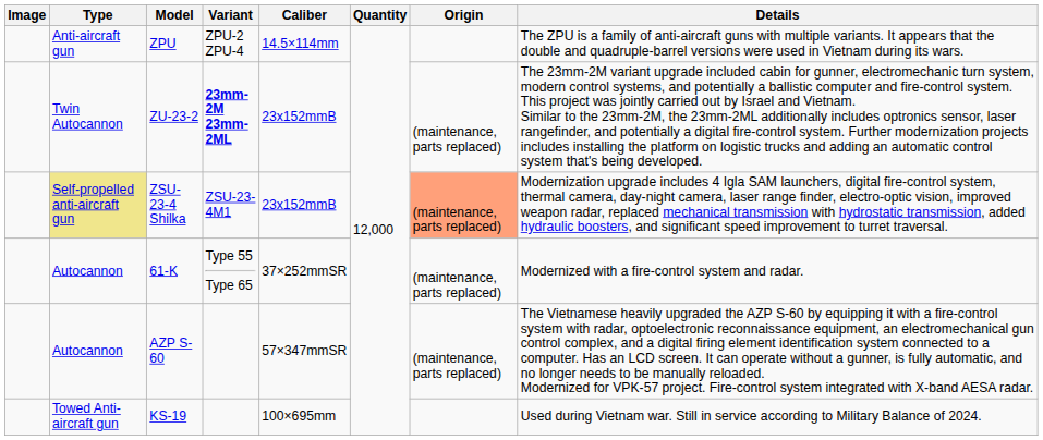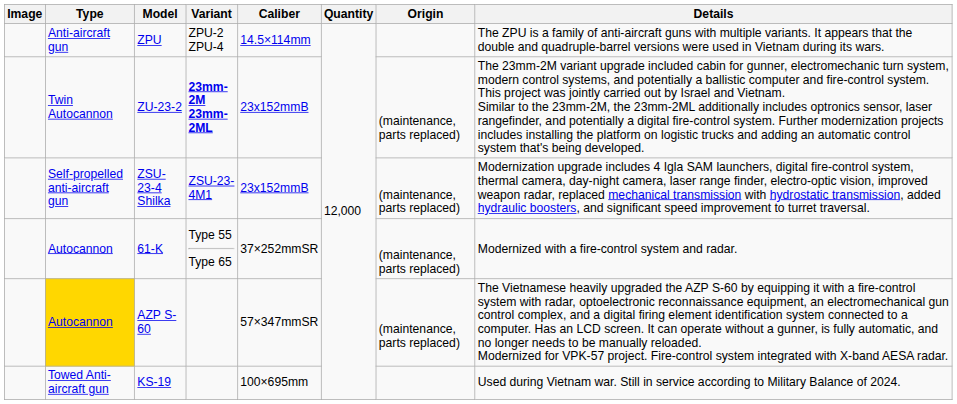 <table class="wikitable">
 <tr>
 <th>Image</th>
 <th>Type</th>
 <th>Model</th>
 <th>Variant</th>
 <th>Caliber</th>
 <th>Quantity</th>
 <th>Origin</th>
 <th>Details</th>
 </tr>
 <tr>
 <td></td>
 <td><a href='#'>Anti-aircraft gun</a></td>
 <td><a href='#'>ZPU</a></td>
 <td>ZPU-2<br>ZPU-4</td>
 <td><a href='#'>14.5×114mm</a></td>
 <td rowspan="6">12,000</td>
 <td></td>
 <td>The ZPU is a family of anti-aircraft guns with multiple variants. It appears that the double and quadruple-barrel versions were used in Vietnam during its wars.</td>
 </tr>
 <tr>
 <td></td>
 <td><a href='#'>Twin Autocannon</a></td>
 <td><a href='#'>ZU-23-2</a></td>
 <td><strong><a href='#'>23mm-2M</a><br><a href='#'>23mm-2ML</a></strong></td>
 <td><a href='#'>23x152mmB</a></td>
 <td><br><br><br>(maintenance, parts replaced)</td>
 <td>The 23mm-2M variant upgrade included cabin for gunner, electromechanic turn system, modern control systems, and potentially a ballistic computer and fire-control system. This project was jointly carried out by Israel and Vietnam.<br>Similar to the 23mm-2M, the 23mm-2ML additionally includes optronics sensor, laser rangefinder, and potentially a digital fire-control system. Further modernization projects includes installing the platform on logistic trucks and adding an automatic control system that's being developed.</td>
 </tr>
 <tr>
 <td></td>
-<td style="background: khaki;"><a href='#'>Self-propelled anti-aircraft gun</a></td>
+<td><a href='#'>Self-propelled anti-aircraft gun</a></td>
 <td><a href='#'>ZSU-23-4 Shilka</a></td>
 <td><a href='#'>ZSU-23-4M1</a></td>
 <td><a href='#'>23x152mmB</a></td>
-<td style="background: lightsalmon;"><br><br>(maintenance, parts replaced)</td>
+<td><br><br>(maintenance, parts replaced)</td>
 <td>Modernization upgrade includes 4 Igla SAM launchers, digital fire-control system, thermal camera, day-night camera, laser range finder, electro-optic vision, improved weapon radar, replaced <a href='#'>mechanical transmission</a> with <a href='#'>hydrostatic transmission</a>, added <a href='#'>hydraulic boosters</a>, and significant speed improvement to turret traversal.</td>
 </tr>
 <tr>
 <td></td>
 <td><a href='#'>Autocannon</a></td>
 <td><a href='#'>61-K</a></td>
 <td>Type 55<hr> Type 65</td>
 <td>37×252mmSR</td>
 <td><br><br>(maintenance, parts replaced)</td>
 <td>Modernized with a fire-control system and radar.</td>
 </tr>
 <tr>
 <td></td>
-<td><a href='#'>Autocannon</a></td>
+<td style="background: gold;"><a href='#'>Autocannon</a></td>
 <td><a href='#'>AZP S-60</a></td>
 <td></td>
 <td>57×347mmSR</td>
 <td><br><br>(maintenance, parts replaced)</td>
 <td>The Vietnamese heavily upgraded the AZP S-60 by equipping it with a fire-control system with radar, optoelectronic reconnaissance equipment, an electromechanical gun control complex, and a digital firing element identification system connected to a computer. Has an LCD screen. It can operate without a gunner, is fully automatic, and no longer needs to be manually reloaded.<br>Modernized for VPK-57 project. Fire-control system integrated with X-band AESA radar.</td>
 </tr>
 <tr>
 <td></td>
 <td><a href='#'>Towed Anti-aircraft gun</a></td>
 <td><a href='#'>KS-19</a></td>
 <td></td>
 <td>100×695mm</td>
 <td></td>
 <td>Used during Vietnam war. Still in service according to Military Balance of 2024.</td>
 </tr>
 </table>
